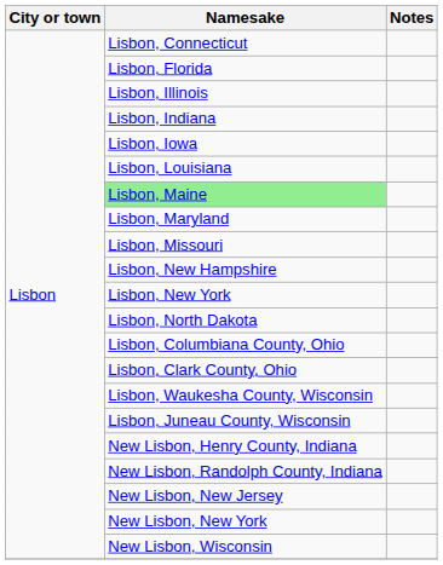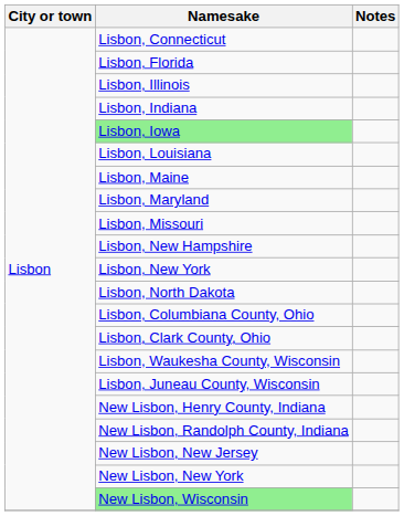 <table class="wikitable">
 <tr>
 <th>City or town</th>
 <th>Namesake</th>
 <th>Notes</th>
 </tr>
 <tr>
 <td rowspan="21"><a href='#'>Lisbon</a></td>
 <td><a href='#'>Lisbon, Connecticut</a></td>
 <td> </td>
 </tr>
 <tr>
 <td><a href='#'>Lisbon, Florida</a></td>
 <td> </td>
 </tr>
 <tr>
 <td><a href='#'>Lisbon, Illinois</a></td>
 <td> </td>
 </tr>
 <tr>
 <td><a href='#'>Lisbon, Indiana</a></td>
 <td> </td>
 </tr>
 <tr>
-<td><a href='#'>Lisbon, Iowa</a></td>
+<td style="background: lightgreen;"><a href='#'>Lisbon, Iowa</a></td>
 <td> </td>
 </tr>
 <tr>
 <td><a href='#'>Lisbon, Louisiana</a></td>
 <td> </td>
 </tr>
 <tr>
-<td style="background: lightgreen;"><a href='#'>Lisbon, Maine</a></td>
+<td><a href='#'>Lisbon, Maine</a></td>
 <td></td>
 </tr>
 <tr>
 <td><a href='#'>Lisbon, Maryland</a></td>
 <td> </td>
 </tr>
 <tr>
 <td><a href='#'>Lisbon, Missouri</a></td>
 <td> </td>
 </tr>
 <tr>
 <td><a href='#'>Lisbon, New Hampshire</a></td>
 <td> </td>
 </tr>
 <tr>
 <td><a href='#'>Lisbon, New York</a></td>
 <td> </td>
 </tr>
 <tr>
 <td><a href='#'>Lisbon, North Dakota</a></td>
 <td> </td>
 </tr>
 <tr>
 <td><a href='#'>Lisbon, Columbiana County, Ohio</a></td>
 <td> </td>
 </tr>
 <tr>
 <td><a href='#'>Lisbon, Clark County, Ohio</a></td>
 <td> </td>
 </tr>
 <tr>
 <td><a href='#'>Lisbon, Waukesha County, Wisconsin</a></td>
 <td> </td>
 </tr>
 <tr>
 <td><a href='#'>Lisbon, Juneau County, Wisconsin</a></td>
 <td> </td>
 </tr>
 <tr>
 <td><a href='#'>New Lisbon, Henry County, Indiana</a></td>
 <td> </td>
 </tr>
 <tr>
 <td><a href='#'>New Lisbon, Randolph County, Indiana</a></td>
 <td> </td>
 </tr>
 <tr>
 <td><a href='#'>New Lisbon, New Jersey</a></td>
 <td> </td>
 </tr>
 <tr>
 <td><a href='#'>New Lisbon, New York</a></td>
 <td> </td>
 </tr>
 <tr>
-<td><a href='#'>New Lisbon, Wisconsin</a></td>
+<td style="background: lightgreen;"><a href='#'>New Lisbon, Wisconsin</a></td>
 <td> </td>
 </tr>
 <tr>
 </tr>
 </table>
